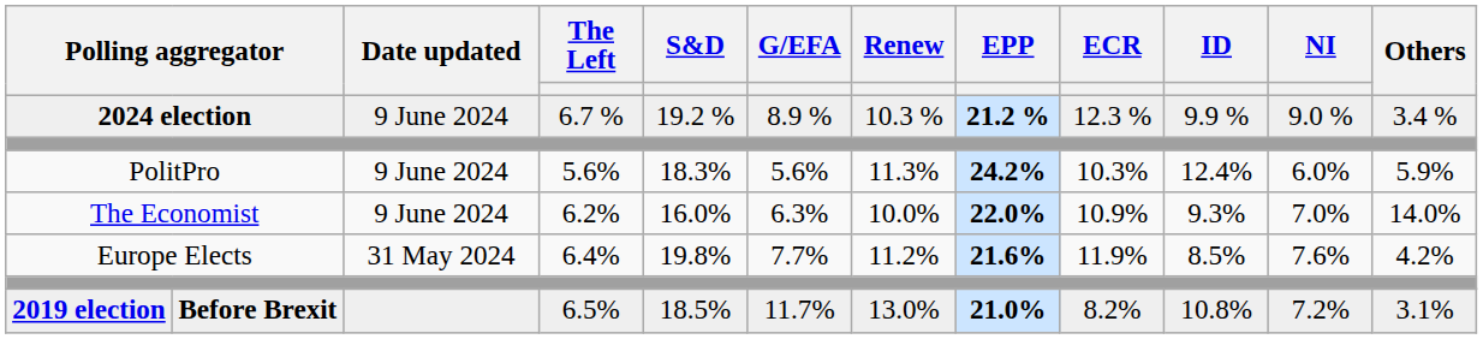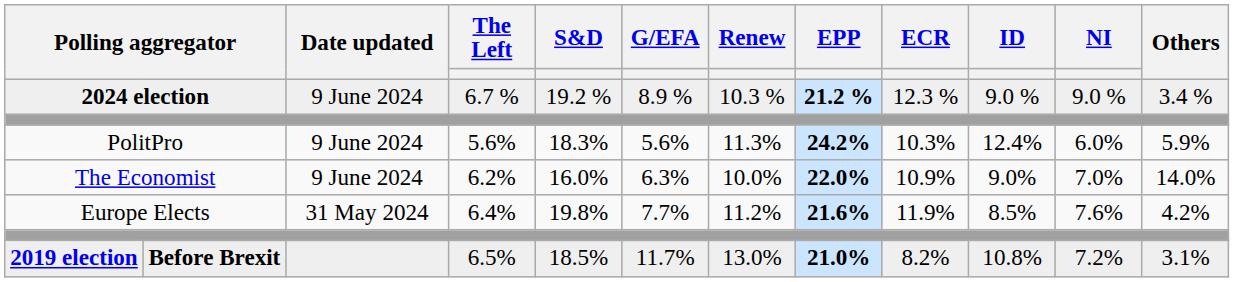 <table class="wikitable collapsible" style="text-align:center; font-size:95%; line-height:16px;">
 <tr style="height:42px;">
 <th colspan="2" rowspan="2">Polling aggregator</th>
 <th rowspan="2" style="width:100px;">Date updated</th>
 <th class="unsortable" style="width:50px;"><a href='#'>The Left</a></th>
 <th class="unsortable" style="width:50px;"><a href='#'>S&D</a></th>
 <th class="unsortable" style="width:50px;"><a href='#'>G/EFA</a></th>
 <th class="unsortable" style="width:50px;"><a href='#'>Renew</a></th>
 <th class="unsortable" style="width:50px;"><a href='#'>EPP</a></th>
 <th class="unsortable" style="width:50px;"><a href='#'>ECR</a></th>
 <th class="unsortable" style="width:50px;"><a href='#'>ID</a></th>
 <th class="unsortable" style="width:50px;"><a href='#'>NI</a></th>
 <th rowspan="2" class="unsortable" style="width:50px;">Others</th>
 </tr>
 <tr>
 <th data-sort-type="number" style="color:inherit;background:"></th>
 <th data-sort-type="number" style="color:inherit;background:"></th>
 <th data-sort-type="number" style="color:inherit;background:"></th>
 <th data-sort-type="number" style="color:inherit;background:"></th>
 <th data-sort-type="number" style="color:inherit;background:"></th>
 <th data-sort-type="number" style="color:inherit;background:"></th>
 <th data-sort-type="number" style="color:inherit;background:"></th>
 <th data-sort-type="number" style="color:inherit;background:"></th>
 </tr>
 <tr style="background:#EFEFEF;">
 <td colspan="2"><strong>2024 election</strong></td>
 <td>9 June 2024</td>
 <td>6.7 %</td>
 <td>19.2 %</td>
 <td>8.9 %</td>
 <td>10.3 %</td>
 <td style="background:#CCE5FF;"><strong>21.2 %</strong></td>
 <td>12.3 %</td>
-<td>9.9 %</td>
+<td>9.0 %</td>
 <td>9.0 %</td>
 <td>3.4 %</td>
 </tr>
 <tr>
 <td colspan="13" style="background:#A0A0A0"></td>
 </tr>
 <tr>
 <td colspan="2">PolitPro</td>
 <td>9 June 2024</td>
 <td>5.6%</td>
 <td>18.3%</td>
 <td>5.6%</td>
 <td>11.3%</td>
 <td style="background:#CCE5FF;"><strong>24.2%</strong></td>
 <td>10.3%</td>
 <td>12.4%</td>
 <td>6.0%</td>
 <td>5.9%</td>
 </tr>
 <tr>
 <td colspan="2"><a href='#'>The Economist</a></td>
 <td>9 June 2024</td>
 <td>6.2%</td>
 <td>16.0%</td>
 <td>6.3%</td>
 <td>10.0%</td>
 <td style="background:#CCE5FF;"><strong>22.0%</strong></td>
 <td>10.9%</td>
-<td>9.3%</td>
+<td>9.0%</td>
 <td>7.0%</td>
 <td>14.0%</td>
 </tr>
 <tr>
 <td colspan="2">Europe Elects</td>
 <td>31 May 2024</td>
 <td>6.4%</td>
 <td>19.8%</td>
 <td>7.7%</td>
 <td>11.2%</td>
 <td style="background:#CCE5FF;"><strong>21.6%</strong></td>
 <td>11.9%</td>
 <td>8.5%</td>
 <td>7.6%</td>
 <td>4.2%</td>
 </tr>
 <tr>
 <td colspan="13" style="background:#A0A0A0"></td>
 </tr>
 <tr style="background:#EFEFEF;">
 <td rowspan="2"><strong><a href='#'>2019 election</a></strong></td>
 </tr>
 <tr style="background:#EFEFEF;">
 <td><strong>Before Brexit</strong></td>
 <td></td>
 <td>6.5%</td>
 <td>18.5%</td>
 <td>11.7%</td>
 <td>13.0%</td>
 <td style="background:#CCE5FF;"><strong>21.0%</strong></td>
 <td>8.2%</td>
 <td>10.8%</td>
 <td>7.2%</td>
 <td>3.1%</td>
 </tr>
 </table>
